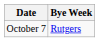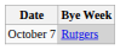 <table class="wikitable" style="font-size:95%;">
 <tr>
 <th>Date</th>
 <th>Bye Week</th>
 </tr>
 <tr>
 <td>October 7</td>
-<td><a href='#'>Rutgers</a></td>
+<td style="background: lightgrey;"><a href='#'>Rutgers</a></td>
 </tr>
 </table>
